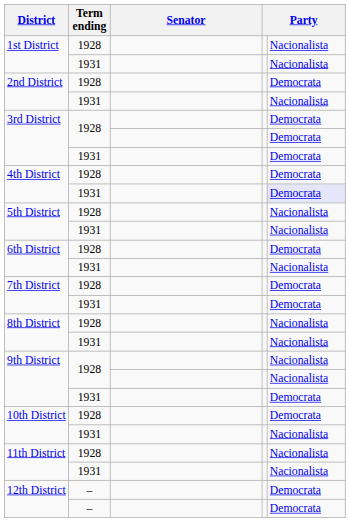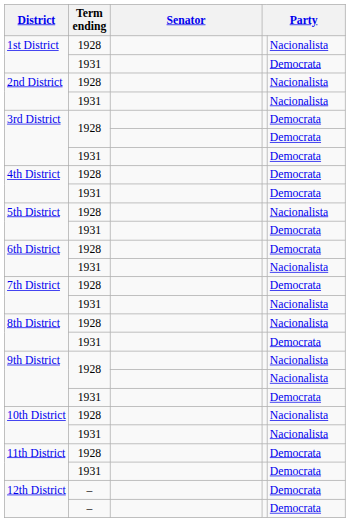 <table class="wikitable sortable">
 <tr>
 <th><a href='#'>District</a></th>
 <th width="50px">Term ending</th>
 <th width="200px"><a href='#'>Senator</a></th>
 <th colspan="2"><a href='#'>Party</a></th>
 </tr>
 <tr>
 <td rowspan="2" valign="top"><a href='#'>1st District</a></td>
 <td align="center">1928</td>
 <td></td>
 <td></td>
 <td width="100px"><a href='#'>Nacionalista</a></td>
 </tr>
 <tr>
 <td align="center">1931</td>
 <td></td>
 <td></td>
-<td><a href='#'>Nacionalista</a></td>
+<td><a href='#'>Democrata</a></td>
 </tr>
 <tr>
 <td rowspan="2" valign="top"><a href='#'>2nd District</a></td>
 <td align="center">1928</td>
 <td></td>
 <td></td>
-<td><a href='#'>Democrata</a></td>
+<td><a href='#'>Nacionalista</a></td>
 </tr>
 <tr>
 <td align="center">1931</td>
 <td></td>
 <td></td>
 <td><a href='#'>Nacionalista</a></td>
 </tr>
 <tr>
 <td rowspan="3" valign="top"><a href='#'>3rd District</a></td>
 <td rowspan="2" align="center">1928</td>
 <td></td>
 <td></td>
 <td><a href='#'>Democrata</a></td>
 </tr>
 <tr>
 <td></td>
 <td></td>
 <td><a href='#'>Democrata</a></td>
 </tr>
 <tr>
 <td align="center">1931</td>
 <td></td>
 <td></td>
 <td><a href='#'>Democrata</a></td>
 </tr>
 <tr>
 <td rowspan="2" valign="top"><a href='#'>4th District</a></td>
 <td align="center">1928</td>
 <td></td>
 <td></td>
 <td><a href='#'>Democrata</a></td>
 </tr>
 <tr>
 <td align="center">1931</td>
 <td></td>
 <td></td>
-<td style="background: lavender;"><a href='#'>Democrata</a></td>
+<td><a href='#'>Democrata</a></td>
 </tr>
 <tr>
 <td rowspan="2" valign="top"><a href='#'>5th District</a></td>
 <td align="center">1928</td>
 <td></td>
 <td></td>
 <td><a href='#'>Nacionalista</a></td>
 </tr>
 <tr>
 <td align="center">1931</td>
 <td></td>
 <td></td>
-<td><a href='#'>Nacionalista</a></td>
+<td><a href='#'>Democrata</a></td>
 </tr>
 <tr>
 <td rowspan="2" valign="top"><a href='#'>6th District</a></td>
 <td align="center">1928</td>
 <td></td>
 <td></td>
 <td><a href='#'>Democrata</a></td>
 </tr>
 <tr>
 <td align="center">1931</td>
 <td></td>
 <td></td>
 <td><a href='#'>Nacionalista</a></td>
 </tr>
 <tr>
 <td rowspan="2" valign="top"><a href='#'>7th District</a></td>
 <td align="center">1928</td>
 <td></td>
 <td></td>
 <td><a href='#'>Democrata</a></td>
 </tr>
 <tr>
 <td align="center">1931</td>
 <td></td>
 <td></td>
-<td><a href='#'>Democrata</a></td>
+<td><a href='#'>Nacionalista</a></td>
 </tr>
 <tr>
 <td rowspan="2" valign="top"><a href='#'>8th District</a></td>
 <td align="center">1928</td>
 <td></td>
 <td></td>
 <td><a href='#'>Nacionalista</a></td>
 </tr>
 <tr>
 <td align="center">1931</td>
 <td></td>
 <td></td>
-<td><a href='#'>Nacionalista</a></td>
+<td><a href='#'>Democrata</a></td>
 </tr>
 <tr>
 <td rowspan="3" valign="top"><a href='#'>9th District</a></td>
 <td rowspan="2" align="center">1928</td>
 <td></td>
 <td></td>
 <td><a href='#'>Nacionalista</a></td>
 </tr>
 <tr>
 <td></td>
 <td></td>
 <td><a href='#'>Nacionalista</a></td>
 </tr>
 <tr>
 <td align="center">1931</td>
 <td></td>
 <td></td>
 <td><a href='#'>Democrata</a></td>
 </tr>
 <tr>
 <td rowspan="2" valign="top"><a href='#'>10th District</a></td>
 <td align="center">1928</td>
 <td></td>
 <td></td>
-<td><a href='#'>Democrata</a></td>
+<td><a href='#'>Nacionalista</a></td>
 </tr>
 <tr>
 <td align="center">1931</td>
 <td></td>
 <td></td>
 <td><a href='#'>Nacionalista</a></td>
 </tr>
 <tr>
 <td rowspan="2" valign="top"><a href='#'>11th District</a></td>
 <td align="center">1928</td>
 <td></td>
 <td></td>
-<td><a href='#'>Nacionalista</a></td>
+<td><a href='#'>Democrata</a></td>
 </tr>
 <tr>
 <td align="center">1931</td>
 <td></td>
 <td></td>
-<td><a href='#'>Nacionalista</a></td>
+<td><a href='#'>Democrata</a></td>
 </tr>
 <tr>
 <td rowspan="2" valign="top"><a href='#'>12th District</a></td>
 <td align="center">–</td>
 <td></td>
 <td></td>
 <td><a href='#'>Democrata</a></td>
 </tr>
 <tr>
 <td align="center">–</td>
 <td></td>
 <td></td>
 <td><a href='#'>Democrata</a></td>
 </tr>
 </table>
